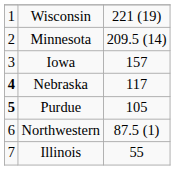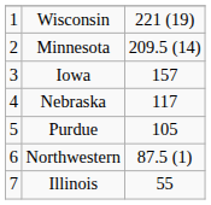 <table class="wikitable" style="display: inline-table;">
 <tr align="center">
 </tr>
 <tr align="center">
 <td>1</td>
 <td>Wisconsin</td>
 <td>221 (19)</td>
 </tr>
 <tr align="center">
 <td>2</td>
 <td>Minnesota</td>
 <td>209.5 (14)</td>
 </tr>
 <tr align="center">
 <td>3</td>
 <td>Iowa</td>
 <td>157</td>
 </tr>
 <tr align="center">
-<td><strong>4</strong></td>
+<td>4</td>
 <td>Nebraska</td>
 <td>117</td>
 </tr>
 <tr align="center">
-<td><strong>5</strong></td>
+<td>5</td>
 <td>Purdue</td>
 <td>105</td>
 </tr>
 <tr align="center">
 <td>6</td>
 <td>Northwestern</td>
 <td>87.5 (1)</td>
 </tr>
 <tr align="center">
 <td>7</td>
 <td>Illinois</td>
 <td>55</td>
 </tr>
 </table>
